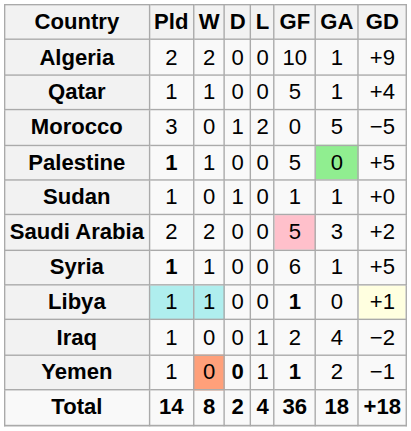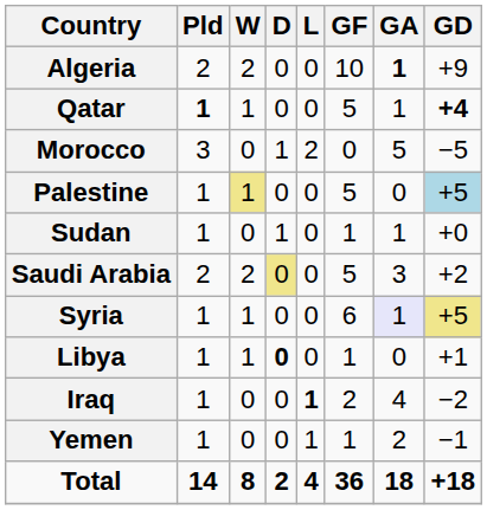 <table class="wikitable plainrowheaders sortable" style="text-align:center">
 <tr>
 <th scope=col>Country</th>
 <th scope=col>Pld</th>
 <th scope=col>W</th>
 <th scope=col>D</th>
 <th scope=col>L</th>
 <th scope=col>GF</th>
 <th scope=col>GA</th>
 <th scope=col>GD</th>
 </tr>
 <tr>
 <th scope=row> Algeria</th>
 <td>2</td>
 <td>2</td>
 <td>0</td>
 <td>0</td>
 <td>10</td>
-<td>1</td>
+<td><strong>1</strong></td>
 <td>+9</td>
 </tr>
 <tr>
 <th scope=row> Qatar</th>
-<td>1</td>
+<td><strong>1</strong></td>
 <td>1</td>
 <td>0</td>
 <td>0</td>
 <td>5</td>
 <td>1</td>
-<td>+4</td>
+<td><strong>+4</strong></td>
 </tr>
 <tr>
 <th scope=row> Morocco</th>
 <td>3</td>
 <td>0</td>
 <td>1</td>
 <td>2</td>
 <td>0</td>
 <td>5</td>
 <td>−5</td>
 </tr>
 <tr>
 <th scope=row> Palestine</th>
-<td><strong>1</strong></td>
 <td>1</td>
+<td style="background: khaki;">1</td>
 <td>0</td>
 <td>0</td>
 <td>5</td>
-<td style="background: lightgreen;">0</td>
-<td>+5</td>
+<td>0</td>
+<td style="background: lightblue;">+5</td>
 </tr>
 <tr>
 <th scope=row> Sudan</th>
 <td>1</td>
 <td>0</td>
 <td>1</td>
 <td>0</td>
 <td>1</td>
 <td>1</td>
 <td>+0</td>
 </tr>
 <tr>
 <th scope=row> Saudi Arabia</th>
 <td>2</td>
 <td>2</td>
+<td style="background: khaki;">0</td>
 <td>0</td>
-<td>0</td>
-<td style="background: pink;">5</td>
+<td>5</td>
 <td>3</td>
 <td>+2</td>
 </tr>
 <tr>
 <th scope=row> Syria</th>
-<td><strong>1</strong></td>
+<td>1</td>
 <td>1</td>
 <td>0</td>
 <td>0</td>
 <td>6</td>
-<td>1</td>
-<td>+5</td>
+<td style="background: lavender;">1</td>
+<td style="background: khaki;">+5</td>
 </tr>
 <tr>
 <th scope=row> Libya</th>
-<td style="background: paleturquoise;">1</td>
-<td style="background: paleturquoise;">1</td>
+<td>1</td>
+<td>1</td>
+<td><strong>0</strong></td>
 <td>0</td>
+<td>1</td>
 <td>0</td>
-<td><strong>1</strong></td>
-<td>0</td>
-<td style="background: lightyellow;">+1</td>
+<td>+1</td>
 </tr>
 <tr>
 <th scope=row> Iraq</th>
 <td>1</td>
 <td>0</td>
 <td>0</td>
-<td>1</td>
+<td><strong>1</strong></td>
 <td>2</td>
 <td>4</td>
 <td>−2</td>
 </tr>
 <tr>
 <th scope=row> Yemen</th>
 <td>1</td>
-<td style="background: lightsalmon;">0</td>
-<td><strong>0</strong></td>
+<td>0</td>
+<td>0</td>
 <td>1</td>
-<td><strong>1</strong></td>
+<td>1</td>
 <td>2</td>
 <td>−1</td>
 </tr>
 <tr>
 <td align-"center"><strong>Total</strong></td>
 <td><strong>14</strong></td>
 <td><strong>8</strong></td>
 <td><strong>2</strong></td>
 <td><strong>4</strong></td>
 <td><strong>36</strong></td>
 <td><strong>18</strong></td>
 <td><strong>+18</strong></td>
 </tr>
 <tr>
 </tr>
 </table>
